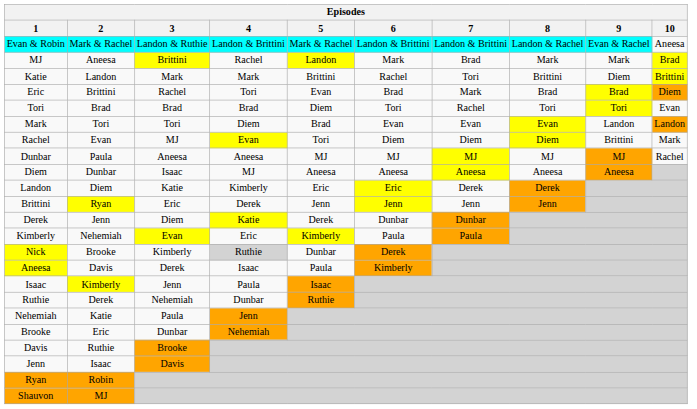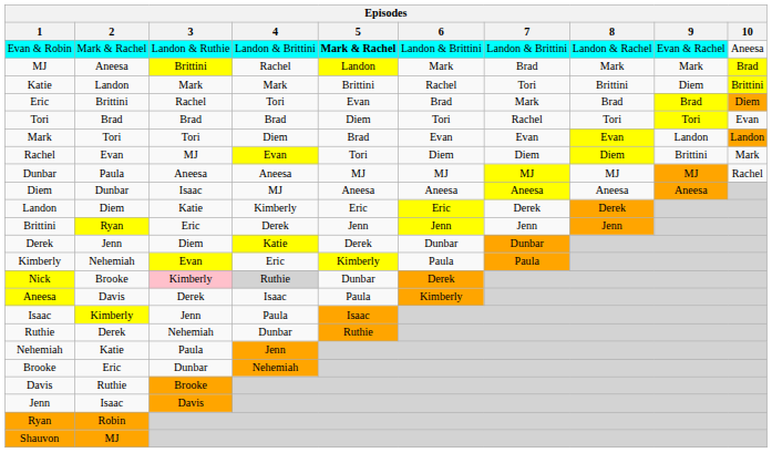 <table class="wikitable" style="text-align:center">
 <tr>
 <th colspan=16>Episodes</th>
 </tr>
 <tr>
 <th>1</th>
 <th>2</th>
 <th>3</th>
 <th>4</th>
 <th>5</th>
 <th>6</th>
 <th>7</th>
 <th>8</th>
 <th>9</th>
 <th>10</th>
 </tr>
 <tr>
 <td bgcolor="cyan">Evan & Robin</td>
 <td bgcolor="cyan">Mark & Rachel</td>
 <td bgcolor="cyan">Landon & Ruthie</td>
 <td bgcolor="cyan">Landon & Brittini</td>
-<td bgcolor="cyan">Mark & Rachel</td>
+<td bgcolor="cyan"><strong>Mark & Rachel</strong></td>
 <td bgcolor="cyan">Landon & Brittini</td>
 <td bgcolor="cyan">Landon & Brittini</td>
 <td bgcolor="cyan">Landon & Rachel</td>
 <td bgcolor="cyan">Evan & Rachel</td>
 <td>Aneesa</td>
 </tr>
 <tr>
 <td>MJ</td>
 <td>Aneesa</td>
 <td bgcolor="yellow">Brittini</td>
 <td>Rachel</td>
 <td bgcolor="yellow">Landon</td>
 <td>Mark</td>
 <td>Brad</td>
 <td>Mark</td>
 <td>Mark</td>
 <td bgcolor="yellow">Brad</td>
 </tr>
 <tr>
 <td>Katie</td>
 <td>Landon</td>
 <td>Mark</td>
 <td>Mark</td>
 <td>Brittini</td>
 <td>Rachel</td>
 <td>Tori</td>
 <td>Brittini</td>
 <td>Diem</td>
 <td bgcolor="yellow">Brittini</td>
 </tr>
 <tr>
 <td>Eric</td>
 <td>Brittini</td>
 <td>Rachel</td>
 <td>Tori</td>
 <td>Evan</td>
 <td>Brad</td>
 <td>Mark</td>
 <td>Brad</td>
 <td bgcolor="yellow">Brad</td>
 <td bgcolor="orange">Diem</td>
 </tr>
 <tr>
 <td>Tori</td>
 <td>Brad</td>
 <td>Brad</td>
 <td>Brad</td>
 <td>Diem</td>
 <td>Tori</td>
 <td>Rachel</td>
 <td>Tori</td>
 <td bgcolor="yellow">Tori</td>
 <td>Evan</td>
 </tr>
 <tr>
 <td>Mark</td>
 <td>Tori</td>
 <td>Tori</td>
 <td>Diem</td>
 <td>Brad</td>
 <td>Evan</td>
 <td>Evan</td>
 <td bgcolor="yellow">Evan</td>
 <td>Landon</td>
 <td bgcolor="orange">Landon</td>
 </tr>
 <tr>
 <td>Rachel</td>
 <td>Evan</td>
 <td>MJ</td>
 <td bgcolor="yellow">Evan</td>
 <td>Tori</td>
 <td>Diem</td>
 <td>Diem</td>
 <td bgcolor="yellow">Diem</td>
 <td>Brittini</td>
 <td>Mark</td>
 </tr>
 <tr>
 <td>Dunbar</td>
 <td>Paula</td>
 <td>Aneesa</td>
 <td>Aneesa</td>
 <td>MJ</td>
 <td>MJ</td>
 <td bgcolor="yellow">MJ</td>
 <td>MJ</td>
 <td bgcolor="orange">MJ</td>
 <td>Rachel</td>
 </tr>
 <tr>
 <td>Diem</td>
 <td>Dunbar</td>
 <td>Isaac</td>
 <td>MJ</td>
 <td>Aneesa</td>
 <td>Aneesa</td>
 <td bgcolor="yellow">Aneesa</td>
 <td>Aneesa</td>
 <td bgcolor="orange">Aneesa</td>
 <td bgcolor="lightgrey" colspan=1></td>
 </tr>
 <tr>
 <td>Landon</td>
 <td>Diem</td>
 <td>Katie</td>
 <td>Kimberly</td>
 <td>Eric</td>
 <td bgcolor="yellow">Eric</td>
 <td>Derek</td>
 <td bgcolor="orange">Derek</td>
 <td bgcolor="lightgrey" colspan=2></td>
 </tr>
 <tr>
 <td>Brittini</td>
 <td bgcolor="yellow">Ryan</td>
 <td>Eric</td>
 <td>Derek</td>
 <td>Jenn</td>
 <td bgcolor="yellow">Jenn</td>
 <td>Jenn</td>
 <td bgcolor="orange">Jenn</td>
 <td bgcolor="lightgrey" colspan=2></td>
 </tr>
 <tr>
 <td>Derek</td>
 <td>Jenn</td>
 <td>Diem</td>
 <td bgcolor="yellow">Katie</td>
 <td>Derek</td>
 <td>Dunbar</td>
 <td bgcolor="orange">Dunbar</td>
 <td bgcolor="lightgrey" colspan=3></td>
 </tr>
 <tr>
 <td>Kimberly</td>
 <td>Nehemiah</td>
 <td bgcolor="yellow">Evan</td>
 <td>Eric</td>
 <td bgcolor="yellow">Kimberly</td>
 <td>Paula</td>
 <td bgcolor="orange">Paula</td>
 <td bgcolor="lightgrey" colspan=3></td>
 </tr>
 <tr>
 <td bgcolor="yellow">Nick</td>
 <td>Brooke</td>
-<td>Kimberly</td>
+<td style="background: pink;">Kimberly</td>
 <td style="background: lightgrey;">Ruthie</td>
 <td>Dunbar</td>
 <td bgcolor="orange">Derek</td>
 <td bgcolor="lightgrey" colspan=4></td>
 </tr>
 <tr>
 <td bgcolor="yellow">Aneesa</td>
 <td>Davis</td>
 <td>Derek</td>
 <td>Isaac</td>
 <td>Paula</td>
 <td bgcolor="orange">Kimberly</td>
 <td bgcolor="lightgrey" colspan=4></td>
 </tr>
 <tr>
 <td>Isaac</td>
 <td bgcolor="yellow">Kimberly</td>
 <td>Jenn</td>
 <td>Paula</td>
 <td bgcolor="orange">Isaac</td>
 <td bgcolor="lightgrey" colspan=5></td>
 </tr>
 <tr>
 <td>Ruthie</td>
 <td>Derek</td>
 <td>Nehemiah</td>
 <td>Dunbar</td>
 <td bgcolor="orange">Ruthie</td>
 <td bgcolor="lightgrey" colspan=5></td>
 </tr>
 <tr>
 <td>Nehemiah</td>
 <td>Katie</td>
 <td>Paula</td>
 <td bgcolor="orange">Jenn</td>
 <td bgcolor="lightgrey" colspan=6></td>
 </tr>
 <tr>
 <td>Brooke</td>
 <td>Eric</td>
 <td>Dunbar</td>
 <td bgcolor="orange">Nehemiah</td>
 <td bgcolor="lightgrey" colspan=6></td>
 </tr>
 <tr>
 <td>Davis</td>
 <td>Ruthie</td>
 <td bgcolor="orange">Brooke</td>
 <td bgcolor="lightgrey" colspan=7></td>
 </tr>
 <tr>
 <td>Jenn</td>
 <td>Isaac</td>
 <td bgcolor="orange">Davis</td>
 <td bgcolor="lightgrey" colspan=7></td>
 </tr>
 <tr>
 <td bgcolor="orange">Ryan</td>
 <td bgcolor="orange">Robin</td>
 <td bgcolor="lightgrey" colspan=8></td>
 </tr>
 <tr>
 <td bgcolor="orange">Shauvon</td>
 <td bgcolor="orange">MJ</td>
 <td bgcolor="lightgrey" colspan=8></td>
 </tr>
 </table>
